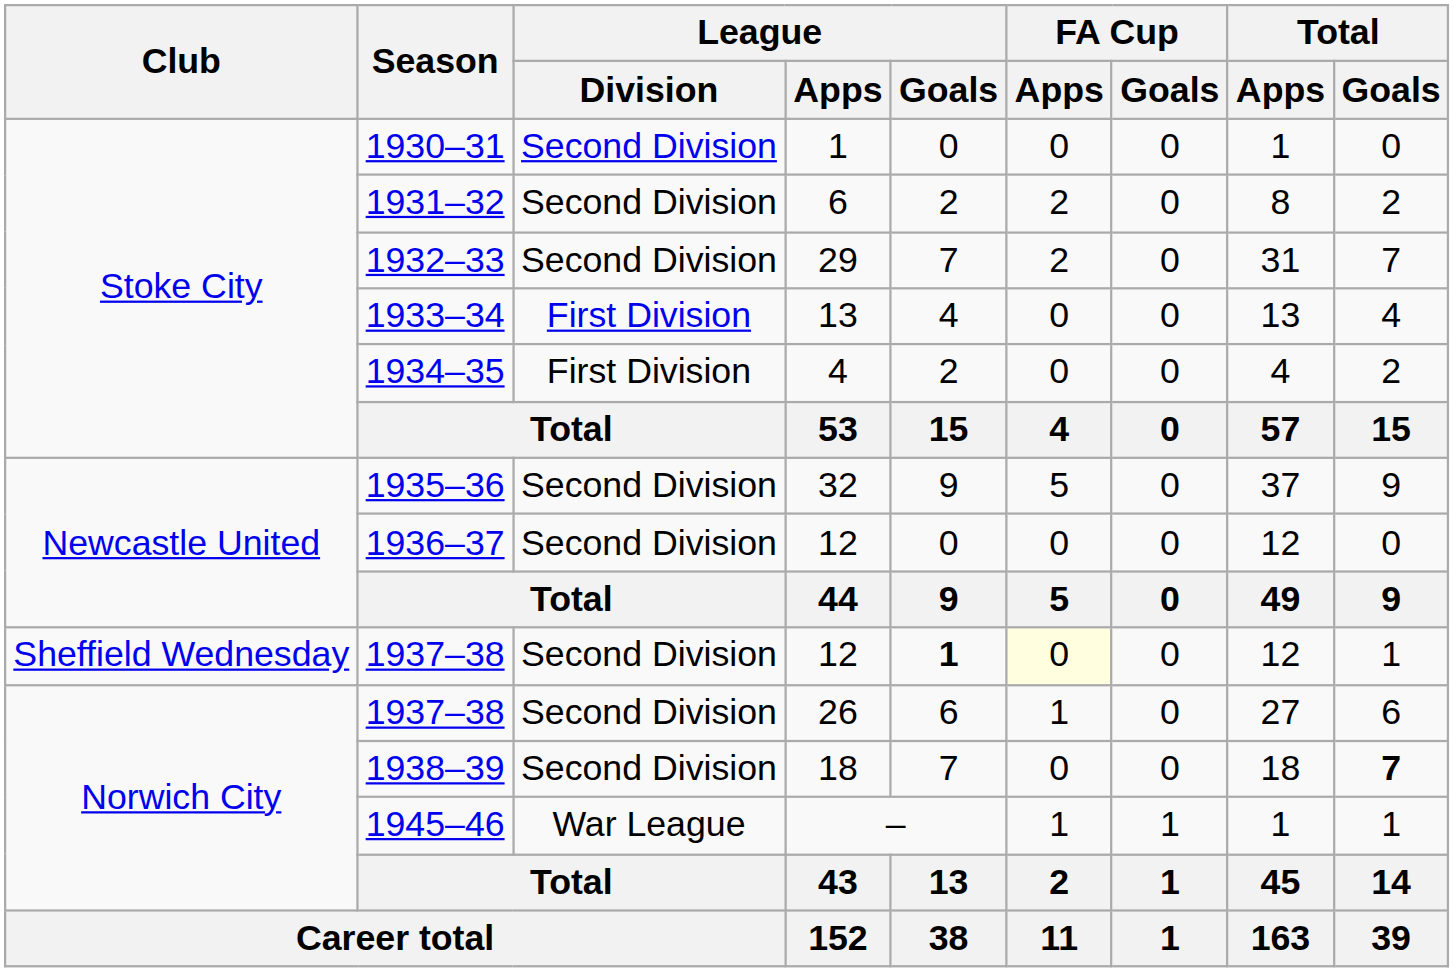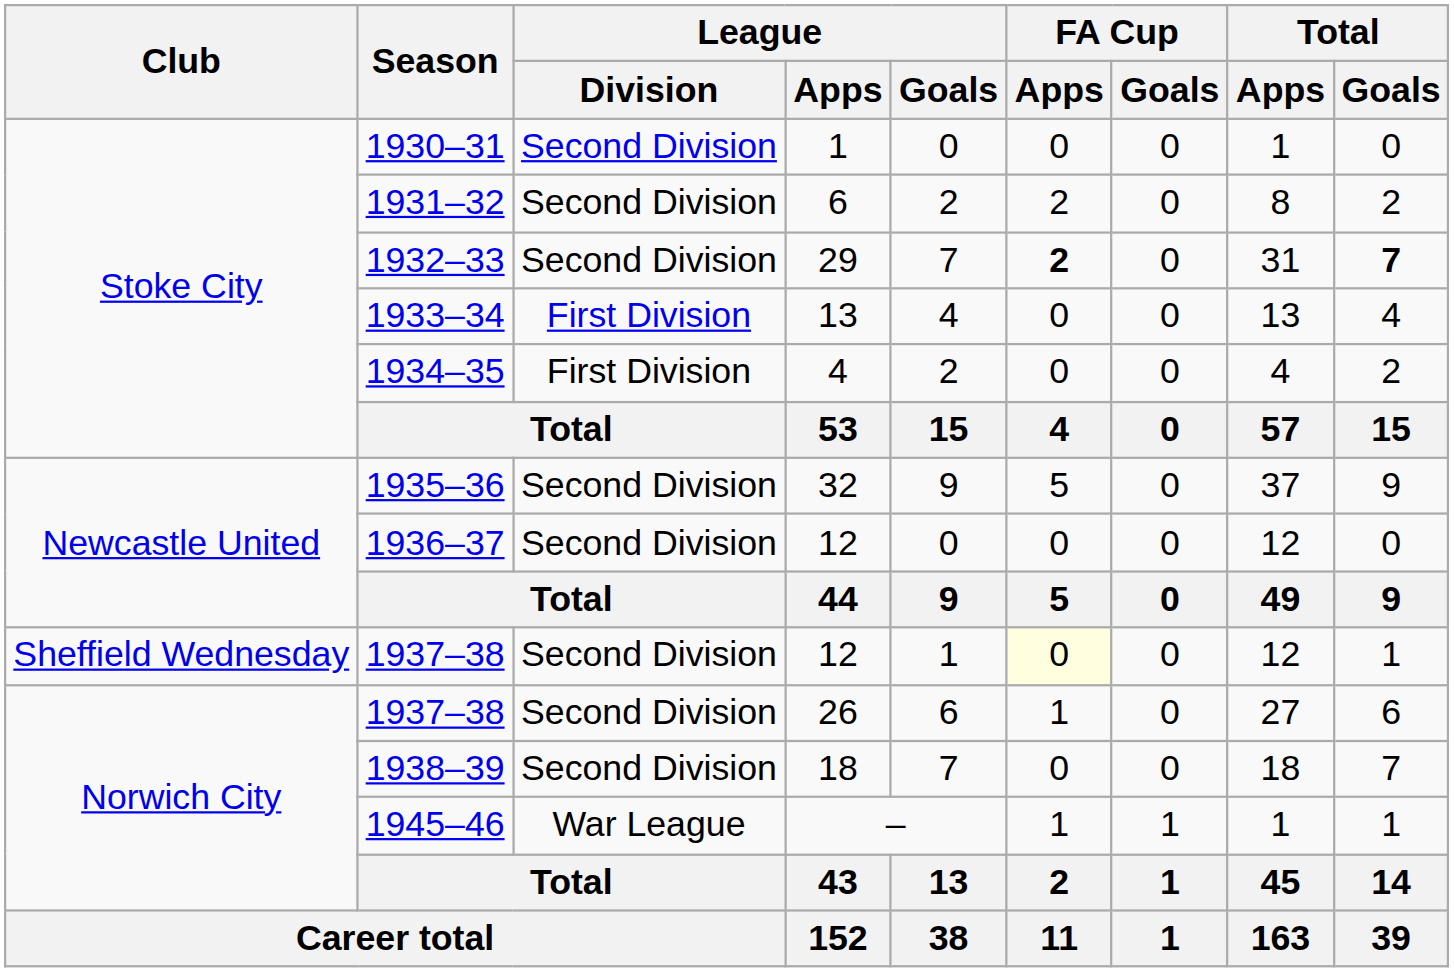 <table class="wikitable" style="text-align:center">
 <tr>
 <th rowspan="2">Club</th>
 <th rowspan="2">Season</th>
 <th colspan="3">League</th>
 <th colspan="2">FA Cup</th>
 <th colspan="2">Total</th>
 </tr>
 <tr>
 <th>Division</th>
 <th>Apps</th>
 <th>Goals</th>
 <th>Apps</th>
 <th>Goals</th>
 <th>Apps</th>
 <th>Goals</th>
 </tr>
 <tr>
 <td rowspan="6"><a href='#'>Stoke City</a></td>
 <td><a href='#'>1930–31</a></td>
 <td><a href='#'>Second Division</a></td>
 <td>1</td>
 <td>0</td>
 <td>0</td>
 <td>0</td>
 <td>1</td>
 <td>0</td>
 </tr>
 <tr>
 <td><a href='#'>1931–32</a></td>
 <td>Second Division</td>
 <td>6</td>
 <td>2</td>
 <td>2</td>
 <td>0</td>
 <td>8</td>
 <td>2</td>
 </tr>
 <tr>
 <td><a href='#'>1932–33</a></td>
 <td>Second Division</td>
 <td>29</td>
 <td>7</td>
-<td>2</td>
+<td><strong>2</strong></td>
 <td>0</td>
 <td>31</td>
-<td>7</td>
+<td><strong>7</strong></td>
 </tr>
 <tr>
 <td><a href='#'>1933–34</a></td>
 <td><a href='#'>First Division</a></td>
 <td>13</td>
 <td>4</td>
 <td>0</td>
 <td>0</td>
 <td>13</td>
 <td>4</td>
 </tr>
 <tr>
 <td><a href='#'>1934–35</a></td>
 <td>First Division</td>
 <td>4</td>
 <td>2</td>
 <td>0</td>
 <td>0</td>
 <td>4</td>
 <td>2</td>
 </tr>
 <tr>
 <th colspan="2">Total</th>
 <th>53</th>
 <th>15</th>
 <th>4</th>
 <th>0</th>
 <th>57</th>
 <th>15</th>
 </tr>
 <tr>
 <td rowspan="3"><a href='#'>Newcastle United</a></td>
 <td><a href='#'>1935–36</a></td>
 <td>Second Division</td>
 <td>32</td>
 <td>9</td>
 <td>5</td>
 <td>0</td>
 <td>37</td>
 <td>9</td>
 </tr>
 <tr>
 <td><a href='#'>1936–37</a></td>
 <td>Second Division</td>
 <td>12</td>
 <td>0</td>
 <td>0</td>
 <td>0</td>
 <td>12</td>
 <td>0</td>
 </tr>
 <tr>
 <th colspan="2">Total</th>
 <th>44</th>
 <th>9</th>
 <th>5</th>
 <th>0</th>
 <th>49</th>
 <th>9</th>
 </tr>
 <tr>
 <td><a href='#'>Sheffield Wednesday</a></td>
 <td><a href='#'>1937–38</a></td>
 <td>Second Division</td>
 <td>12</td>
-<td><strong>1</strong></td>
+<td>1</td>
 <td style="background: lightyellow;">0</td>
 <td>0</td>
 <td>12</td>
 <td>1</td>
 </tr>
 <tr>
 <td rowspan="4"><a href='#'>Norwich City</a></td>
 <td><a href='#'>1937–38</a></td>
 <td>Second Division</td>
 <td>26</td>
 <td>6</td>
 <td>1</td>
 <td>0</td>
 <td>27</td>
 <td>6</td>
 </tr>
 <tr>
 <td><a href='#'>1938–39</a></td>
 <td>Second Division</td>
 <td>18</td>
 <td>7</td>
 <td>0</td>
 <td>0</td>
 <td>18</td>
-<td><strong>7</strong></td>
+<td>7</td>
 </tr>
 <tr>
 <td><a href='#'>1945–46</a></td>
 <td>War League</td>
 <td colspan="2">–</td>
 <td>1</td>
 <td>1</td>
 <td>1</td>
 <td>1</td>
 </tr>
 <tr>
 <th colspan="2">Total</th>
 <th>43</th>
 <th>13</th>
 <th>2</th>
 <th>1</th>
 <th>45</th>
 <th>14</th>
 </tr>
 <tr>
 <th colspan="3">Career total</th>
 <th>152</th>
 <th>38</th>
 <th>11</th>
 <th>1</th>
 <th>163</th>
 <th>39</th>
 </tr>
 </table>
